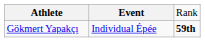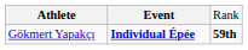 <table class=wikitable>
 <tr>
 <th width=125>Athlete</th>
 <th width=125>Event</th>
 <td>Rank</td>
 </tr>
 <tr>
 <td><a href='#'>Gökmert Yapakçı</a></td>
-<td><a href='#'>Individual Épée</a></td>
+<td><strong><a href='#'>Individual Épée</a></strong></td>
 <td><strong>59th</strong></td>
 </tr>
 </table>
